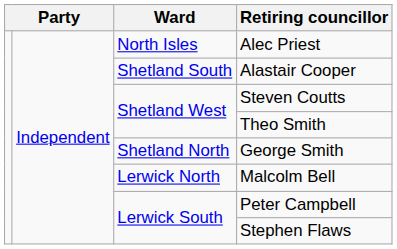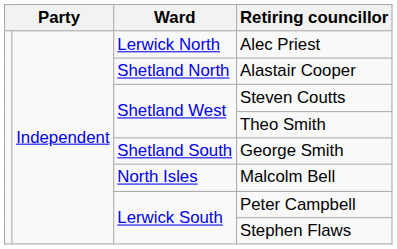 <table class="wikitable sortable">
 <tr>
 <th colspan="2">Party</th>
 <th>Ward</th>
 <th>Retiring councillor</th>
 </tr>
 <tr>
 <td rowspan="8" style="background-color: "></td>
 <td rowspan="8"><a href='#'>Independent</a></td>
-<td><a href='#'>North Isles</a></td>
+<td><a href='#'>Lerwick North</a></td>
 <td>Alec Priest</td>
 </tr>
 <tr>
-<td><a href='#'>Shetland South</a></td>
+<td><a href='#'>Shetland North</a></td>
 <td>Alastair Cooper</td>
 </tr>
 <tr>
 <td rowspan="2"><a href='#'>Shetland West</a></td>
 <td>Steven Coutts</td>
 </tr>
 <tr>
 <td>Theo Smith</td>
 </tr>
 <tr>
-<td><a href='#'>Shetland North</a></td>
+<td><a href='#'>Shetland South</a></td>
 <td>George Smith</td>
 </tr>
 <tr>
-<td><a href='#'>Lerwick North</a></td>
+<td><a href='#'>North Isles</a></td>
 <td>Malcolm Bell</td>
 </tr>
 <tr>
 <td rowspan="2"><a href='#'>Lerwick South</a></td>
 <td>Peter Campbell</td>
 </tr>
 <tr>
 <td>Stephen Flaws</td>
 </tr>
 </table>
